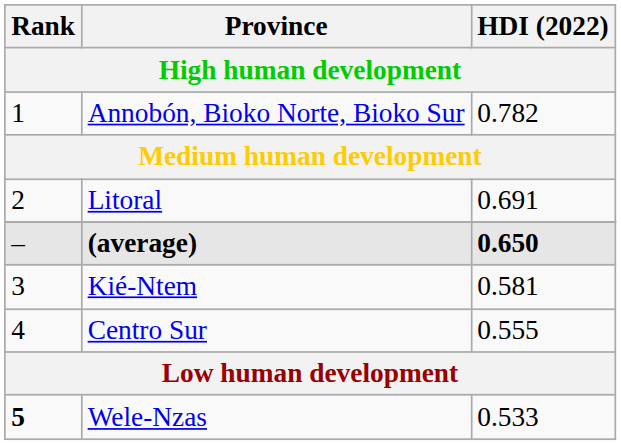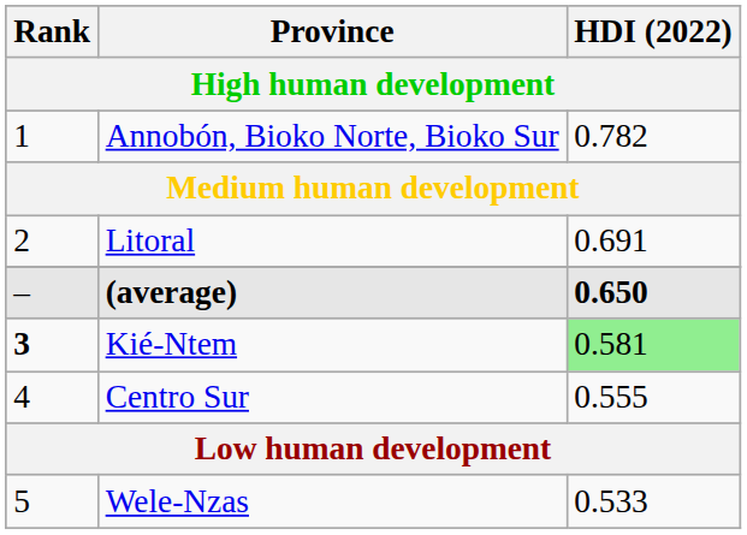 <table class="wikitable sortable">
 <tr>
 <th>Rank</th>
 <th>Province</th>
 <th>HDI (2022)</th>
 </tr>
 <tr>
 <th colspan="3" style="color:#0c0;">High human development</th>
 </tr>
 <tr>
 <td>1</td>
 <td><a href='#'>Annobón, Bioko Norte, Bioko Sur</a></td>
 <td>0.782</td>
 </tr>
 <tr>
 <th colspan="3" style="color:#fc0;">Medium human development</th>
 </tr>
 <tr>
 <td>2</td>
 <td><a href='#'>Litoral</a></td>
 <td>0.691</td>
 </tr>
 <tr>
 </tr>
 <tr style="background:#e6e6e6">
 <td>–</td>
 <td> <strong>(average)</strong></td>
 <td><strong>0.650</strong></td>
 </tr>
 <tr>
-<td>3</td>
+<td><strong>3</strong></td>
 <td><a href='#'>Kié-Ntem</a></td>
-<td>0.581</td>
+<td style="background: lightgreen;">0.581</td>
 </tr>
 <tr>
 <td>4</td>
 <td><a href='#'>Centro Sur</a></td>
 <td>0.555</td>
 </tr>
 <tr>
 <th colspan="3" style="color:#900;">Low human development</th>
 </tr>
 <tr>
-<td><strong>5</strong></td>
+<td>5</td>
 <td><a href='#'>Wele-Nzas</a></td>
 <td>0.533</td>
 </tr>
 </table>
